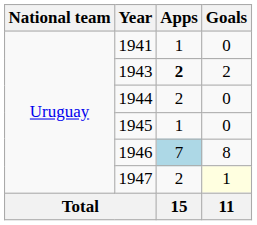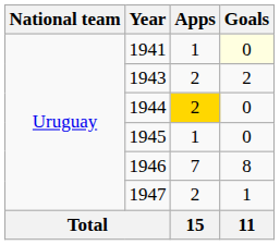 <table class="wikitable" style="text-align:center">
 <tr>
 <th>National team</th>
 <th>Year</th>
 <th>Apps</th>
 <th>Goals</th>
 </tr>
 <tr>
 <td rowspan=6><a href='#'>Uruguay</a></td>
 <td>1941</td>
 <td>1</td>
-<td>0</td>
+<td style="background: lightyellow;">0</td>
 </tr>
 <tr>
 <td>1943</td>
-<td><strong>2</strong></td>
+<td>2</td>
 <td>2</td>
 </tr>
 <tr>
 <td>1944</td>
-<td>2</td>
+<td style="background: gold;">2</td>
 <td>0</td>
 </tr>
 <tr>
 <td>1945</td>
 <td>1</td>
 <td>0</td>
 </tr>
 <tr>
 <td>1946</td>
-<td style="background: lightblue;">7</td>
+<td>7</td>
 <td>8</td>
 </tr>
 <tr>
 <td>1947</td>
 <td>2</td>
-<td style="background: lightyellow;">1</td>
+<td>1</td>
 </tr>
 <tr>
 <th colspan=2>Total</th>
 <th>15</th>
 <th>11</th>
 </tr>
 </table>
